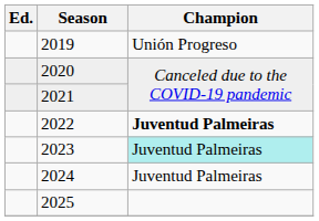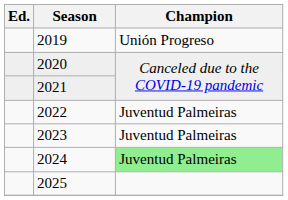 <table class="wikitable sortable">
 <tr>
 <th width=px>Ed.</th>
 <th width=80px>Season</th>
 <th width=170px>Champion</th>
 </tr>
 <tr>
 <td></td>
 <td>2019</td>
 <td>Unión Progreso</td>
 </tr>
 <tr bgcolor=#efefef>
 <td></td>
 <td>2020</td>
 <td rowspan=2 colspan="1" align=center><em>Canceled due to the <a href='#'>COVID-19 pandemic</a></em></td>
 </tr>
 <tr bgcolor=#efefef>
 <td></td>
 <td>2021</td>
 </tr>
 <tr>
 <td></td>
 <td>2022</td>
-<td><strong>Juventud Palmeiras</strong></td>
+<td>Juventud Palmeiras</td>
 </tr>
 <tr>
 <td></td>
 <td>2023</td>
-<td style="background: paleturquoise;">Juventud Palmeiras</td>
+<td>Juventud Palmeiras</td>
 </tr>
 <tr>
 <td></td>
 <td>2024</td>
-<td>Juventud Palmeiras</td>
+<td style="background: lightgreen;">Juventud Palmeiras</td>
 </tr>
 <tr>
 <td></td>
 <td>2025</td>
 <td></td>
 </tr>
 <tr>
 </tr>
 </table>
